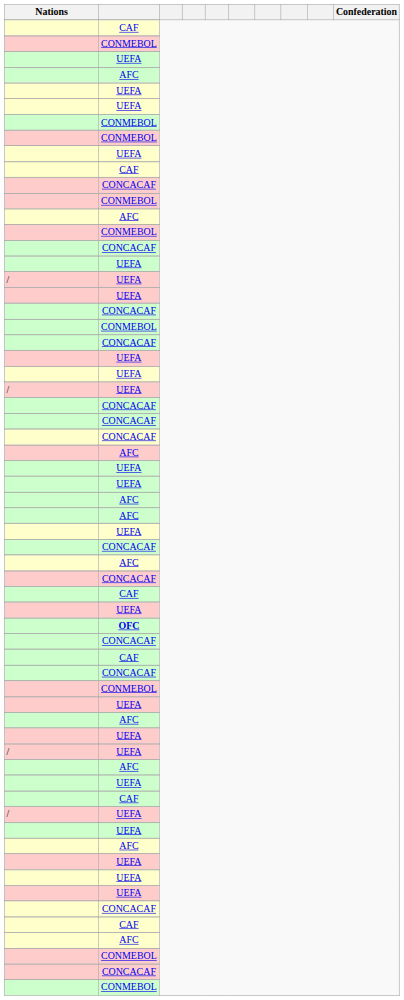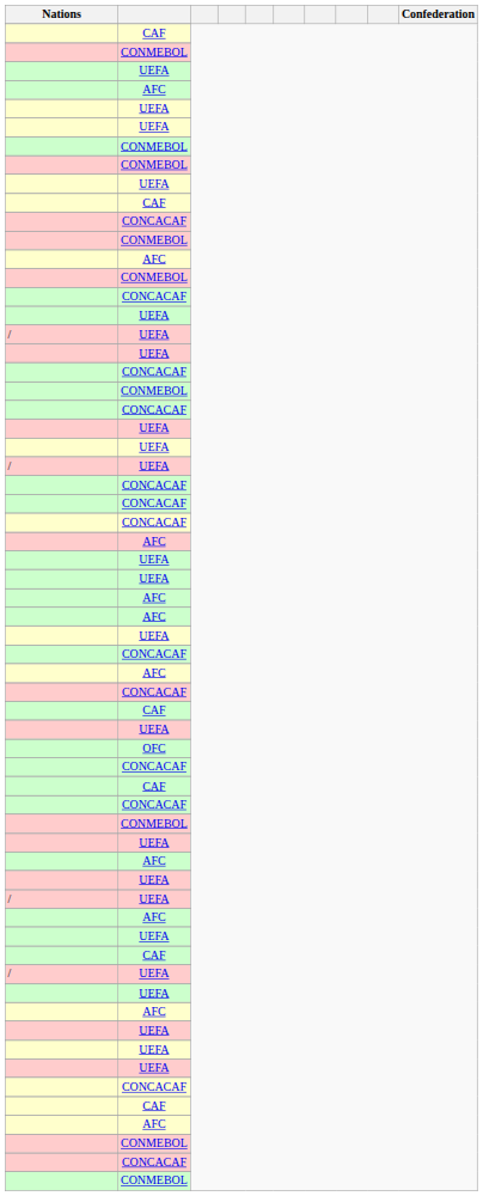 <table class="wikitable sortable collapsible collapsed" style="text-align: center; font-size: 100%;">
 <tr style="color:black;">
 <th style="width:145px;">Nations</th>
 <th width=30></th>
 <th width=30></th>
 <th width=30></th>
 <th width=30></th>
 <th width=35></th>
 <th width=35></th>
 <th width=35></th>
 <th width=35></th>
 <th>Confederation</th>
 </tr>
 <tr>
 </tr>
 <tr bgcolor=#FFFFCC>
 <td align=left><br></td>
 <td><a href='#'>CAF</a></td>
 </tr>
 <tr>
 </tr>
 <tr bgcolor=#FFCCCC>
 <td align=left><br></td>
 <td><a href='#'>CONMEBOL</a></td>
 </tr>
 <tr>
 </tr>
 <tr bgcolor=#CCFFCC>
 <td align=left><br></td>
 <td><a href='#'>UEFA</a></td>
 </tr>
 <tr>
 </tr>
 <tr bgcolor=#CCFFCC>
 <td align=left><br></td>
 <td><a href='#'>AFC</a></td>
 </tr>
 <tr>
 </tr>
 <tr bgcolor=#FFFFCC>
 <td align=left><br></td>
 <td><a href='#'>UEFA</a></td>
 </tr>
 <tr>
 </tr>
 <tr bgcolor=#FFFFCC>
 <td align=left><br></td>
 <td><a href='#'>UEFA</a></td>
 </tr>
 <tr>
 </tr>
 <tr bgcolor=#CCFFCC>
 <td align=left><br></td>
 <td><a href='#'>CONMEBOL</a></td>
 </tr>
 <tr>
 </tr>
 <tr bgcolor=#FFCCCC>
 <td align=left><br></td>
 <td><a href='#'>CONMEBOL</a></td>
 </tr>
 <tr>
 </tr>
 <tr bgcolor=#FFFFCC>
 <td align=left><br></td>
 <td><a href='#'>UEFA</a></td>
 </tr>
 <tr>
 </tr>
 <tr bgcolor=#FFFFCC>
 <td align=left><br></td>
 <td><a href='#'>CAF</a></td>
 </tr>
 <tr>
 </tr>
 <tr bgcolor=#FFCCCC>
 <td align=left><br></td>
 <td><a href='#'>CONCACAF</a></td>
 </tr>
 <tr>
 </tr>
 <tr bgcolor=#FFCCCC>
 <td align=left><br></td>
 <td><a href='#'>CONMEBOL</a></td>
 </tr>
 <tr>
 </tr>
 <tr bgcolor=#FFFFCC>
 <td align=left><br></td>
 <td><a href='#'>AFC</a></td>
 </tr>
 <tr>
 </tr>
 <tr bgcolor=#FFCCCC>
 <td align=left><br></td>
 <td><a href='#'>CONMEBOL</a></td>
 </tr>
 <tr>
 </tr>
 <tr bgcolor=#CCFFCC>
 <td align=left><br></td>
 <td><a href='#'>CONCACAF</a></td>
 </tr>
 <tr>
 </tr>
 <tr bgcolor=#CCFFCC>
 <td align=left><br></td>
 <td><a href='#'>UEFA</a></td>
 </tr>
 <tr>
 </tr>
 <tr bgcolor=#FFCCCC>
 <td align=left>/<em></em><br></td>
 <td><a href='#'>UEFA</a></td>
 </tr>
 <tr>
 </tr>
 <tr bgcolor=#FFCCCC>
 <td align=left><br></td>
 <td><a href='#'>UEFA</a></td>
 </tr>
 <tr>
 </tr>
 <tr bgcolor=#CCFFCC>
 <td align=left><br></td>
 <td><a href='#'>CONCACAF</a></td>
 </tr>
 <tr>
 </tr>
 <tr bgcolor=#CCFFCC>
 <td align=left><br></td>
 <td><a href='#'>CONMEBOL</a></td>
 </tr>
 <tr>
 </tr>
 <tr bgcolor=#CCFFCC>
 <td align=left><br></td>
 <td><a href='#'>CONCACAF</a></td>
 </tr>
 <tr>
 </tr>
 <tr bgcolor=#FFCCCC>
 <td align=left><br></td>
 <td><a href='#'>UEFA</a></td>
 </tr>
 <tr>
 </tr>
 <tr bgcolor=#FFFFCC>
 <td align=left><br></td>
 <td><a href='#'>UEFA</a></td>
 </tr>
 <tr>
 </tr>
 <tr bgcolor=#FFCCCC>
 <td align=left>/<em></em><br></td>
 <td><a href='#'>UEFA</a></td>
 </tr>
 <tr>
 </tr>
 <tr bgcolor=#CCFFCC>
 <td align=left><br></td>
 <td><a href='#'>CONCACAF</a></td>
 </tr>
 <tr>
 </tr>
 <tr bgcolor=#CCFFCC>
 <td align=left><br></td>
 <td><a href='#'>CONCACAF</a></td>
 </tr>
 <tr>
 </tr>
 <tr bgcolor=#FFFFCC>
 <td align=left><br></td>
 <td><a href='#'>CONCACAF</a></td>
 </tr>
 <tr>
 </tr>
 <tr bgcolor=#FFCCCC>
 <td align=left><br></td>
 <td><a href='#'>AFC</a></td>
 </tr>
 <tr>
 </tr>
 <tr bgcolor=#CCFFCC>
 <td align=left><br></td>
 <td><a href='#'>UEFA</a></td>
 </tr>
 <tr>
 </tr>
 <tr bgcolor=#CCFFCC>
 <td align=left><br></td>
 <td><a href='#'>UEFA</a></td>
 </tr>
 <tr>
 </tr>
 <tr bgcolor=#CCFFCC>
 <td align=left><br></td>
 <td><a href='#'>AFC</a></td>
 </tr>
 <tr>
 </tr>
 <tr bgcolor=#CCFFCC>
 <td align=left><br></td>
 <td><a href='#'>AFC</a></td>
 </tr>
 <tr>
 </tr>
 <tr bgcolor=#FFFFCC>
 <td align=left><br></td>
 <td><a href='#'>UEFA</a></td>
 </tr>
 <tr>
 </tr>
 <tr bgcolor=#CCFFCC>
 <td align=left><br></td>
 <td><a href='#'>CONCACAF</a></td>
 </tr>
 <tr>
 </tr>
 <tr bgcolor=#FFFFCC>
 <td align=left><br></td>
 <td><a href='#'>AFC</a></td>
 </tr>
 <tr>
 </tr>
 <tr bgcolor=#FFCCCC>
 <td align=left><br></td>
 <td><a href='#'>CONCACAF</a></td>
 </tr>
 <tr>
 </tr>
 <tr bgcolor=#CCFFCC>
 <td align=left><br></td>
 <td><a href='#'>CAF</a></td>
 </tr>
 <tr>
 </tr>
 <tr bgcolor=#FFCCCC>
 <td align=left><br></td>
 <td><a href='#'>UEFA</a></td>
 </tr>
 <tr>
 </tr>
 <tr bgcolor=#CCFFCC>
 <td align=left><br></td>
-<td><strong><a href='#'>OFC</a></strong></td>
+<td><a href='#'>OFC</a></td>
 </tr>
 <tr>
 </tr>
 <tr bgcolor=#CCFFCC>
 <td align=left><br></td>
 <td><a href='#'>CONCACAF</a></td>
 </tr>
 <tr>
 </tr>
 <tr bgcolor=#CCFFCC>
 <td align=left><br></td>
 <td><a href='#'>CAF</a></td>
 </tr>
 <tr>
 </tr>
 <tr bgcolor=#CCFFCC>
 <td align=left><br></td>
 <td><a href='#'>CONCACAF</a></td>
 </tr>
 <tr>
 </tr>
 <tr bgcolor=#FFCCCC>
 <td align=left><br></td>
 <td><a href='#'>CONMEBOL</a></td>
 </tr>
 <tr>
 </tr>
 <tr bgcolor=#FFCCCC>
 <td align=left><br></td>
 <td><a href='#'>UEFA</a></td>
 </tr>
 <tr>
 </tr>
 <tr bgcolor=#CCFFCC>
 <td align=left><br></td>
 <td><a href='#'>AFC</a></td>
 </tr>
 <tr>
 </tr>
 <tr bgcolor=#FFCCCC>
 <td align=left><br></td>
 <td><a href='#'>UEFA</a></td>
 </tr>
 <tr>
 </tr>
 <tr bgcolor=#FFCCCC>
 <td align=left>/<em></em><br></td>
 <td><a href='#'>UEFA</a></td>
 </tr>
 <tr>
 </tr>
 <tr bgcolor=#CCFFCC>
 <td align=left><br></td>
 <td><a href='#'>AFC</a></td>
 </tr>
 <tr>
 </tr>
 <tr bgcolor=#CCFFCC>
 <td align=left><br></td>
 <td><a href='#'>UEFA</a></td>
 </tr>
 <tr>
 </tr>
 <tr bgcolor=#CCFFCC>
 <td align=left><br></td>
 <td><a href='#'>CAF</a></td>
 </tr>
 <tr>
 </tr>
 <tr bgcolor=FFCCCC>
 <td align=left>/<em></em><br></td>
 <td><a href='#'>UEFA</a></td>
 </tr>
 <tr>
 </tr>
 <tr bgcolor=#CCFFCC>
 <td align=left><br></td>
 <td><a href='#'>UEFA</a></td>
 </tr>
 <tr>
 </tr>
 <tr bgcolor=#FFFFCC>
 <td align=left><br></td>
 <td><a href='#'>AFC</a></td>
 </tr>
 <tr>
 </tr>
 <tr bgcolor=FFCCCC>
 <td align=left><br></td>
 <td><a href='#'>UEFA</a></td>
 </tr>
 <tr>
 </tr>
 <tr bgcolor=FFFFCC>
 <td align=left><br></td>
 <td><a href='#'>UEFA</a></td>
 </tr>
 <tr>
 </tr>
 <tr bgcolor=FFCCCC>
 <td align=left><br></td>
 <td><a href='#'>UEFA</a></td>
 </tr>
 <tr>
 </tr>
 <tr bgcolor=FFFFCC>
 <td align=left><br></td>
 <td><a href='#'>CONCACAF</a></td>
 </tr>
 <tr>
 </tr>
 <tr bgcolor=FFFFCC>
 <td align=left><br></td>
 <td><a href='#'>CAF</a></td>
 </tr>
 <tr>
 </tr>
 <tr bgcolor=FFFFCC>
 <td align=left><br></td>
 <td><a href='#'>AFC</a></td>
 </tr>
 <tr>
 </tr>
 <tr bgcolor=FFCCCC>
 <td align=left><br></td>
 <td><a href='#'>CONMEBOL</a></td>
 </tr>
 <tr>
 </tr>
 <tr bgcolor=FFCCCC>
 <td align=left><br></td>
 <td><a href='#'>CONCACAF</a></td>
 </tr>
 <tr>
 </tr>
 <tr bgcolor=CCFFCC>
 <td align=left><br></td>
 <td><a href='#'>CONMEBOL</a></td>
 </tr>
 </table>
